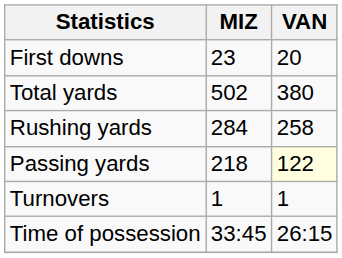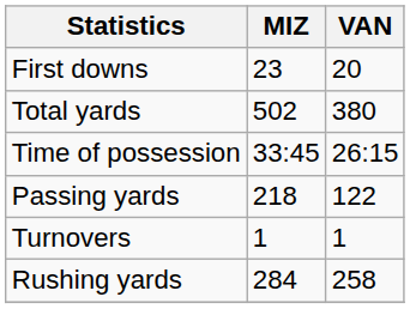 <table class="wikitable" style="float: left;">
 <tr>
 <th>Statistics</th>
 <th>MIZ</th>
 <th>VAN</th>
 </tr>
 <tr>
 <td>First downs</td>
 <td>23</td>
 <td>20</td>
 </tr>
 <tr>
 <td>Total yards</td>
 <td>502</td>
 <td>380</td>
 </tr>
 <tr>
-<td>Rushing yards</td>
-<td>284</td>
-<td>258</td>
+<td>Time of possession</td>
+<td>33:45</td>
+<td>26:15</td>
 </tr>
 <tr>
 <td>Passing yards</td>
 <td>218</td>
-<td style="background: lightyellow;">122</td>
+<td>122</td>
 </tr>
 <tr>
 <td>Turnovers</td>
 <td>1</td>
 <td>1</td>
 </tr>
 <tr>
-<td>Time of possession</td>
-<td>33:45</td>
-<td>26:15</td>
+<td>Rushing yards</td>
+<td>284</td>
+<td>258</td>
 </tr>
 <tr>
 </tr>
 </table>
